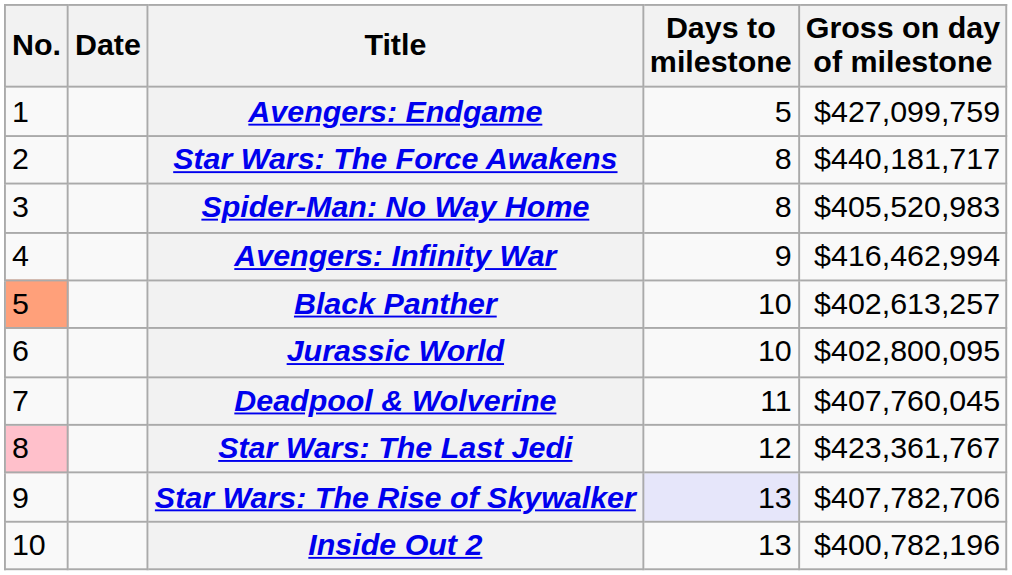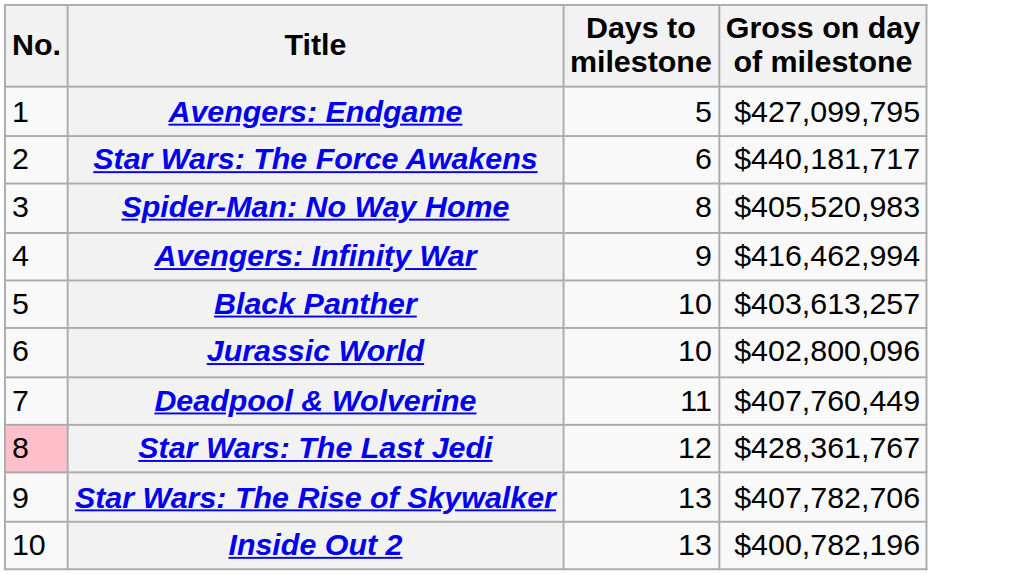 <table class="wikitable">
 <tr>
 <th scope="col">No.</th>
-<th scope="col">Date</th>
 <th scope="col">Title</th>
 <th scope="col">Days to <br>milestone</th>
 <th scope="col">Gross on day <br>of milestone</th>
 </tr>
 <tr>
 <td>1</td>
-<td></td>
 <th scope="row"><em><a href='#'>Avengers: Endgame</a></em></th>
 <td style="text-align:right;">5</td>
-<td style="text-align:right;">$427,099,759</td>
+<td style="text-align:right;">$427,099,795</td>
 </tr>
 <tr>
 <td>2</td>
-<td></td>
 <th scope="row"><em><a href='#'>Star Wars: The Force Awakens</a></em></th>
-<td style="text-align:right;">8</td>
+<td style="text-align:right;">6</td>
 <td style="text-align:right;">$440,181,717</td>
 </tr>
 <tr>
 <td>3</td>
-<td></td>
 <th scope="row"><em><a href='#'>Spider-Man: No Way Home</a></em></th>
 <td style="text-align:right;">8</td>
 <td style="text-align:right;">$405,520,983</td>
 </tr>
 <tr>
 <td>4</td>
-<td></td>
 <th scope="row"><em><a href='#'>Avengers: Infinity War</a></em></th>
 <td style="text-align:right;">9</td>
 <td style="text-align:right;">$416,462,994</td>
 </tr>
 <tr>
-<td style="background: lightsalmon;">5</td>
-<td></td>
+<td>5</td>
 <th scope="row"><em><a href='#'>Black Panther</a></em></th>
 <td style="text-align:right;">10</td>
-<td style="text-align:right;">$402,613,257</td>
+<td style="text-align:right;">$403,613,257</td>
 </tr>
 <tr>
 <td>6</td>
-<td></td>
 <th scope="row"><em><a href='#'>Jurassic World</a></em></th>
 <td style="text-align:right;">10</td>
-<td style="text-align:right;">$402,800,095</td>
+<td style="text-align:right;">$402,800,096</td>
 </tr>
 <tr>
 <td>7</td>
-<td></td>
 <th scope="row"><em><a href='#'>Deadpool & Wolverine</a></em></th>
 <td style="text-align:right;">11</td>
-<td style="text-align:right;">$407,760,045</td>
+<td style="text-align:right;">$407,760,449</td>
 </tr>
 <tr>
 <td style="background: pink;">8</td>
-<td></td>
 <th scope="row"><em><a href='#'>Star Wars: The Last Jedi</a></em></th>
 <td style="text-align:right;">12</td>
-<td style="text-align:right;">$423,361,767</td>
+<td style="text-align:right;">$428,361,767</td>
 </tr>
 <tr>
 <td>9</td>
-<td></td>
 <th scope="row"><em><a href='#'>Star Wars: The Rise of Skywalker</a></em></th>
-<td style="background: lavender; text-align:right;">13</td>
+<td style="text-align:right;">13</td>
 <td style="text-align:right;">$407,782,706</td>
 </tr>
 <tr>
 <td>10</td>
-<td></td>
 <th scope="row"><em><a href='#'>Inside Out 2</a></em></th>
 <td style="text-align:right;">13</td>
 <td style="text-align:right;">$400,782,196</td>
 </tr>
 </table>
